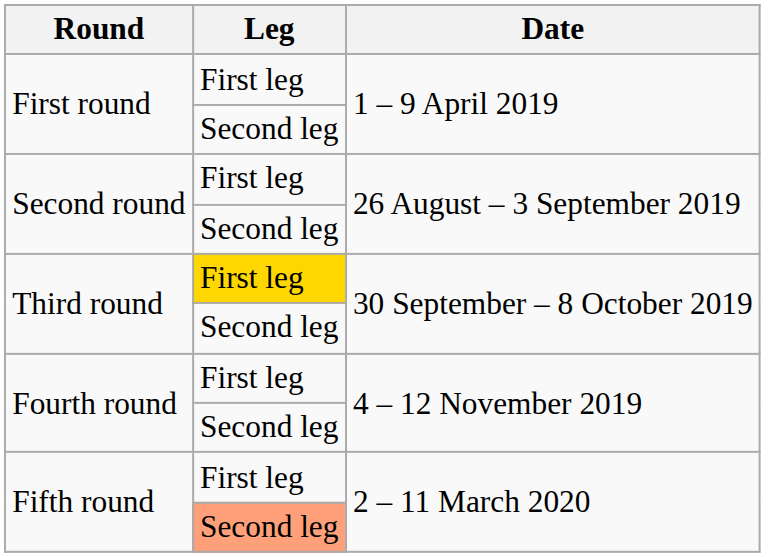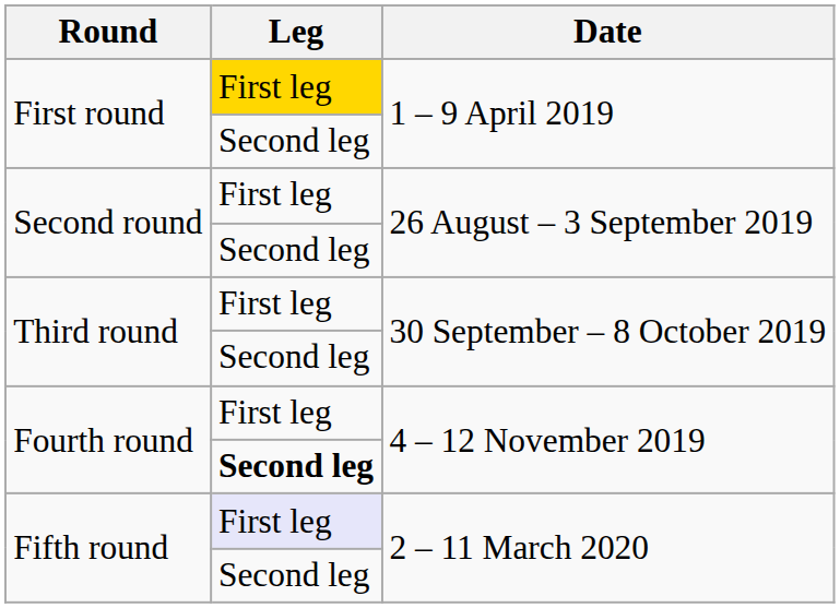 <table class="wikitable">
 <tr>
 <th>Round</th>
 <th>Leg</th>
 <th>Date</th>
 </tr>
 <tr>
 <td rowspan=2>First round</td>
-<td>First leg</td>
+<td style="background: gold;">First leg</td>
 <td rowspan=2>1 – 9 April 2019</td>
 </tr>
 <tr>
 <td>Second leg</td>
 </tr>
 <tr>
 <td rowspan=2>Second round</td>
 <td>First leg</td>
 <td rowspan=2>26 August – 3 September 2019</td>
 </tr>
 <tr>
 <td>Second leg</td>
 </tr>
 <tr>
 <td rowspan=2>Third round</td>
-<td style="background: gold;">First leg</td>
+<td>First leg</td>
 <td rowspan=2>30 September – 8 October 2019</td>
 </tr>
 <tr>
 <td>Second leg</td>
 </tr>
 <tr>
 <td rowspan=2>Fourth round</td>
 <td>First leg</td>
 <td rowspan=2>4 – 12 November 2019</td>
 </tr>
 <tr>
-<td>Second leg</td>
+<td><strong>Second leg</strong></td>
 </tr>
 <tr>
 <td rowspan=2>Fifth round</td>
-<td>First leg</td>
+<td style="background: lavender;">First leg</td>
 <td rowspan=2>2 – 11 March 2020</td>
 </tr>
 <tr>
-<td style="background: lightsalmon;">Second leg</td>
+<td>Second leg</td>
 </tr>
 </table>
